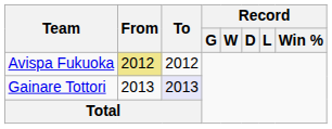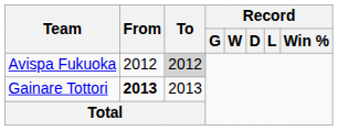 <table class="wikitable" style="text-align: center">
 <tr>
 <th rowspan="2">Team</th>
 <th rowspan="2">From</th>
 <th rowspan="2">To</th>
 <th colspan="5">Record</th>
 </tr>
 <tr>
 <th>G</th>
 <th>W</th>
 <th>D</th>
 <th>L</th>
 <th>Win %</th>
 </tr>
 <tr>
 <td align="left"><a href='#'>Avispa Fukuoka</a></td>
-<td align="left" style="background: khaki;">2012</td>
-<td align="left">2012<br></td>
+<td align="left">2012</td>
+<td align="left" style="background: lightgrey;">2012<br></td>
 </tr>
 <tr>
 <td align="left"><a href='#'>Gainare Tottori</a></td>
-<td align="left">2013</td>
-<td align="left" style="background: lavender;">2013<br></td>
+<td align="left"><strong>2013</strong></td>
+<td align="left">2013<br></td>
 </tr>
 <tr>
 <th colspan="3">Total<br></th>
 </tr>
 </table>
